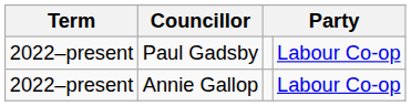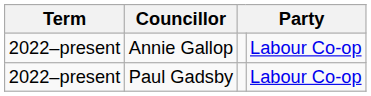 <table class="wikitable">
 <tr>
 <th>Term</th>
 <th>Councillor</th>
 <th colspan="2">Party</th>
 </tr>
 <tr>
 <td>2022–present</td>
-<td>Paul Gadsby</td>
+<td>Annie Gallop</td>
 <td rowspan="1;" style="background-color: "></td>
 <td rowspan="1"><a href='#'>Labour Co-op</a></td>
 </tr>
 <tr>
 <td>2022–present</td>
-<td>Annie Gallop</td>
+<td>Paul Gadsby</td>
 <td rowspan="1;" style="background-color: "></td>
 <td rowspan="1"><a href='#'>Labour Co-op</a></td>
 </tr>
 </table>
